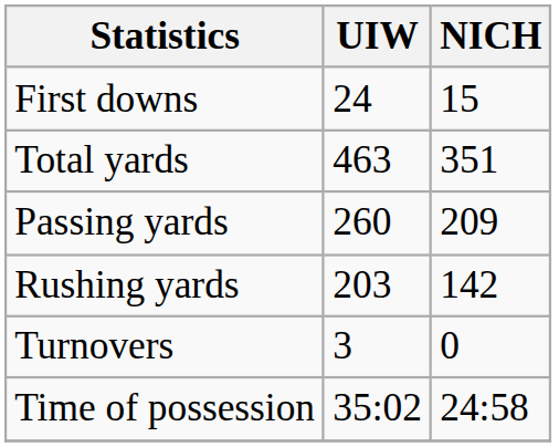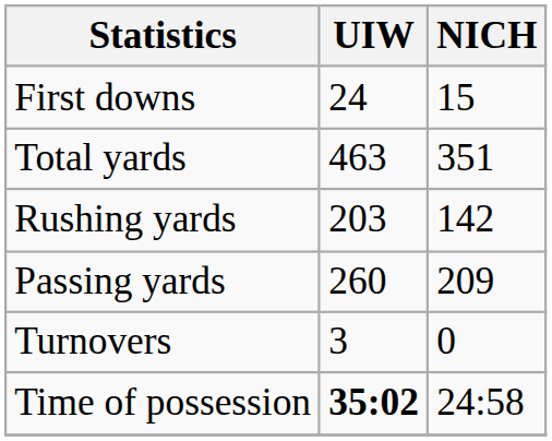 <table class="wikitable">
 <tr>
 <th>Statistics</th>
 <th>UIW</th>
 <th>NICH</th>
 </tr>
 <tr>
 <td>First downs</td>
 <td>24</td>
 <td>15</td>
 </tr>
 <tr>
 <td>Total yards</td>
 <td>463</td>
 <td>351</td>
 </tr>
 <tr>
+<td>Rushing yards</td>
+<td>203</td>
+<td>142</td>
+</tr>
+<tr>
 <td>Passing yards</td>
 <td>260</td>
 <td>209</td>
-</tr>
-<tr>
-<td>Rushing yards</td>
-<td>203</td>
-<td>142</td>
 </tr>
 <tr>
 <td>Turnovers</td>
 <td>3</td>
 <td>0</td>
 </tr>
 <tr>
 <td>Time of possession</td>
-<td>35:02</td>
+<td><strong>35:02</strong></td>
 <td>24:58</td>
 </tr>
 <tr>
 </tr>
 </table>
